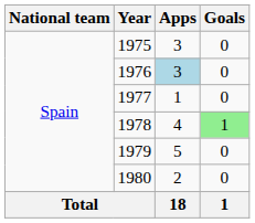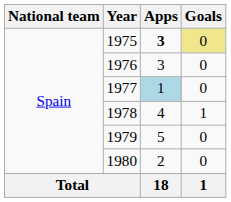 <table class="wikitable" style="text-align: center;">
 <tr>
 <th>National team</th>
 <th>Year</th>
 <th>Apps</th>
 <th>Goals</th>
 </tr>
 <tr>
 <td rowspan="6"><a href='#'>Spain</a></td>
 <td>1975</td>
+<td><strong>3</strong></td>
+<td style="background: khaki;">0</td>
+</tr>
+<tr>
+<td>1976</td>
 <td>3</td>
 <td>0</td>
 </tr>
 <tr>
-<td>1976</td>
-<td style="background: lightblue;">3</td>
-<td>0</td>
-</tr>
-<tr>
 <td>1977</td>
-<td>1</td>
+<td style="background: lightblue;">1</td>
 <td>0</td>
 </tr>
 <tr>
 <td>1978</td>
 <td>4</td>
-<td style="background: lightgreen;">1</td>
+<td>1</td>
 </tr>
 <tr>
 <td>1979</td>
 <td>5</td>
 <td>0</td>
 </tr>
 <tr>
 <td>1980</td>
 <td>2</td>
 <td>0</td>
 </tr>
 <tr>
 <th colspan="2">Total</th>
 <th>18</th>
 <th>1</th>
 </tr>
 </table>
